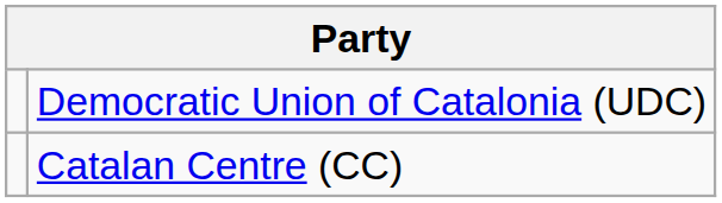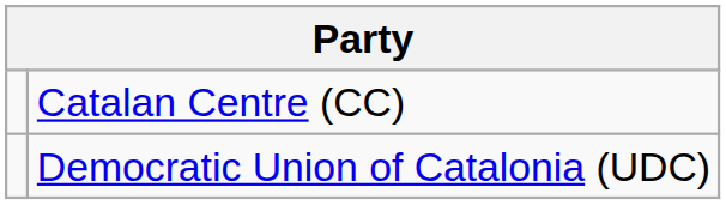 <table class="wikitable" style="text-align:left; font-size:95%;">
 <tr>
 <th colspan="2">Party</th>
 </tr>
 <tr>
+<td></td>
+<td><a href='#'>Catalan Centre</a> (CC)</td>
+</tr>
+<tr>
 <td width="1"></td>
 <td><a href='#'>Democratic Union of Catalonia</a> (UDC)</td>
 </tr>
-<tr>
-<td></td>
-<td><a href='#'>Catalan Centre</a> (CC)</td>
-</tr>
 </table>
